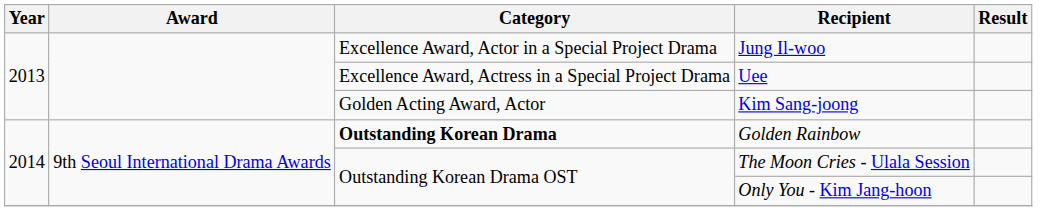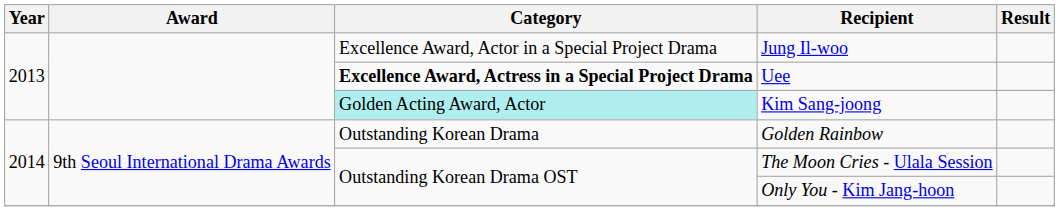 <table class="wikitable">
 <tr>
 <th>Year</th>
 <th>Award</th>
 <th>Category</th>
 <th>Recipient</th>
 <th>Result</th>
 </tr>
 <tr>
 <td rowspan=3>2013</td>
 <td rowspan=3></td>
 <td>Excellence Award, Actor in a Special Project Drama</td>
 <td><a href='#'>Jung Il-woo</a></td>
 <td></td>
 </tr>
 <tr>
-<td>Excellence Award, Actress in a Special Project Drama</td>
+<td><strong>Excellence Award, Actress in a Special Project Drama</strong></td>
 <td><a href='#'>Uee</a></td>
 <td></td>
 </tr>
 <tr>
-<td>Golden Acting Award, Actor</td>
+<td style="background: paleturquoise;">Golden Acting Award, Actor</td>
 <td><a href='#'>Kim Sang-joong</a></td>
 <td></td>
 </tr>
 <tr>
 <td rowspan=3>2014</td>
 <td rowspan=3 style="text-align:center;">9th <a href='#'>Seoul International Drama Awards</a></td>
-<td><strong>Outstanding Korean Drama</strong></td>
+<td>Outstanding Korean Drama</td>
 <td><em>Golden Rainbow</em></td>
 <td></td>
 </tr>
 <tr>
 <td rowspan=2>Outstanding Korean Drama OST</td>
 <td><em>The Moon Cries</em> - <a href='#'>Ulala Session</a></td>
 <td></td>
 </tr>
 <tr>
 <td><em>Only You</em> - <a href='#'>Kim Jang-hoon</a></td>
 <td></td>
 </tr>
 <tr>
 </tr>
 </table>
